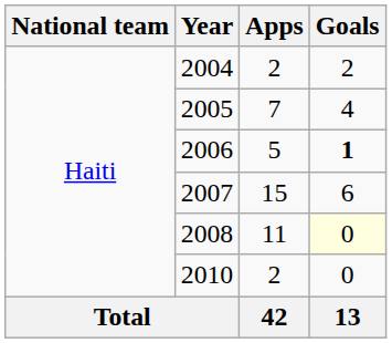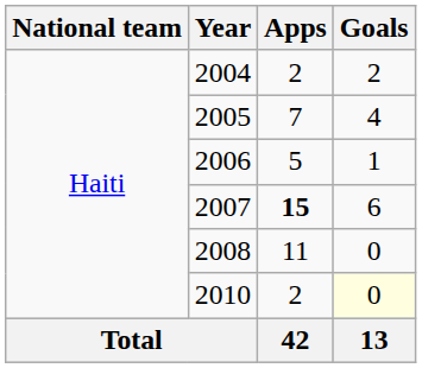 <table class="wikitable" style="text-align:center">
 <tr>
 <th>National team</th>
 <th>Year</th>
 <th>Apps</th>
 <th>Goals</th>
 </tr>
 <tr>
 <td rowspan="6"><a href='#'>Haiti</a></td>
 <td>2004</td>
 <td>2</td>
 <td>2</td>
 </tr>
 <tr>
 <td>2005</td>
 <td>7</td>
 <td>4</td>
 </tr>
 <tr>
 <td>2006</td>
 <td>5</td>
-<td><strong>1</strong></td>
+<td>1</td>
 </tr>
 <tr>
 <td>2007</td>
-<td>15</td>
+<td><strong>15</strong></td>
 <td>6</td>
 </tr>
 <tr>
 <td>2008</td>
 <td>11</td>
-<td style="background: lightyellow;">0</td>
+<td>0</td>
 </tr>
 <tr>
 <td>2010</td>
 <td>2</td>
-<td>0</td>
+<td style="background: lightyellow;">0</td>
 </tr>
 <tr>
 <th colspan="2">Total</th>
 <th>42</th>
 <th>13</th>
 </tr>
 </table>
